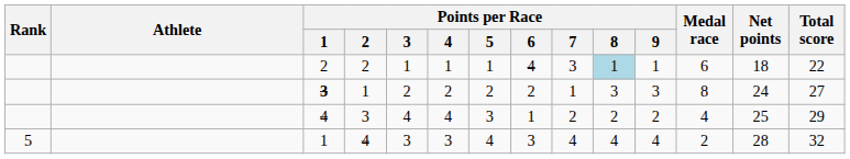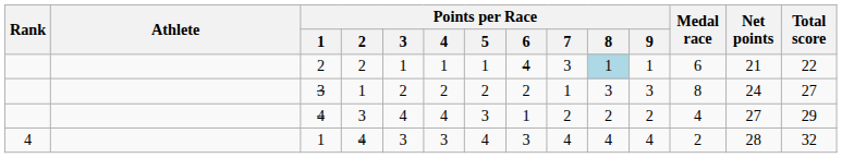 <table | class="wikitable Sortable" style="text-align:center">
 <tr>
 <th rowspan="2" width=40>Rank</th>
 <th rowspan="2" width=250>Athlete</th>
 <th colspan="9">Points per Race</th>
 <th rowspan="2" width=50>Medal race</th>
 <th rowspan="2" width=50>Net points</th>
 <th rowspan="2" width=50>Total score</th>
 </tr>
 <tr>
 <th width=35>1</th>
 <th width=35>2</th>
 <th width=35>3</th>
 <th width=35>4</th>
 <th width=35>5</th>
 <th width=35>6</th>
 <th width=35>7</th>
 <th width=35>8</th>
 <th width=35>9</th>
 </tr>
 <tr>
 <td></td>
 <td align=left> </td>
 <td>2</td>
 <td>2</td>
 <td>1</td>
 <td>1</td>
 <td>1</td>
 <td><s>4</s></td>
 <td>3</td>
 <td style="background: lightblue;">1</td>
 <td>1</td>
 <td>6</td>
-<td>18</td>
+<td>21</td>
 <td>22</td>
 </tr>
 <tr>
 <td></td>
 <td align=left> </td>
-<td><strong><s>3</s></strong></td>
+<td><s>3</s></td>
 <td>1</td>
 <td>2</td>
 <td>2</td>
 <td>2</td>
 <td>2</td>
 <td>1</td>
 <td>3</td>
 <td>3</td>
 <td>8</td>
 <td>24</td>
 <td>27</td>
 </tr>
 <tr>
 <td></td>
 <td align=left> </td>
 <td><s>4</s></td>
 <td>3</td>
 <td>4</td>
 <td>4</td>
 <td>3</td>
 <td>1</td>
 <td>2</td>
 <td>2</td>
 <td>2</td>
 <td>4</td>
-<td>25</td>
+<td>27</td>
 <td>29</td>
 </tr>
 <tr>
-<td>5</td>
+<td>4</td>
 <td align=left> </td>
 <td>1</td>
 <td><s>4</s></td>
 <td>3</td>
 <td>3</td>
 <td>4</td>
 <td>3</td>
 <td>4</td>
 <td>4</td>
 <td>4</td>
 <td>2</td>
 <td>28</td>
 <td>32</td>
 </tr>
 </table>
